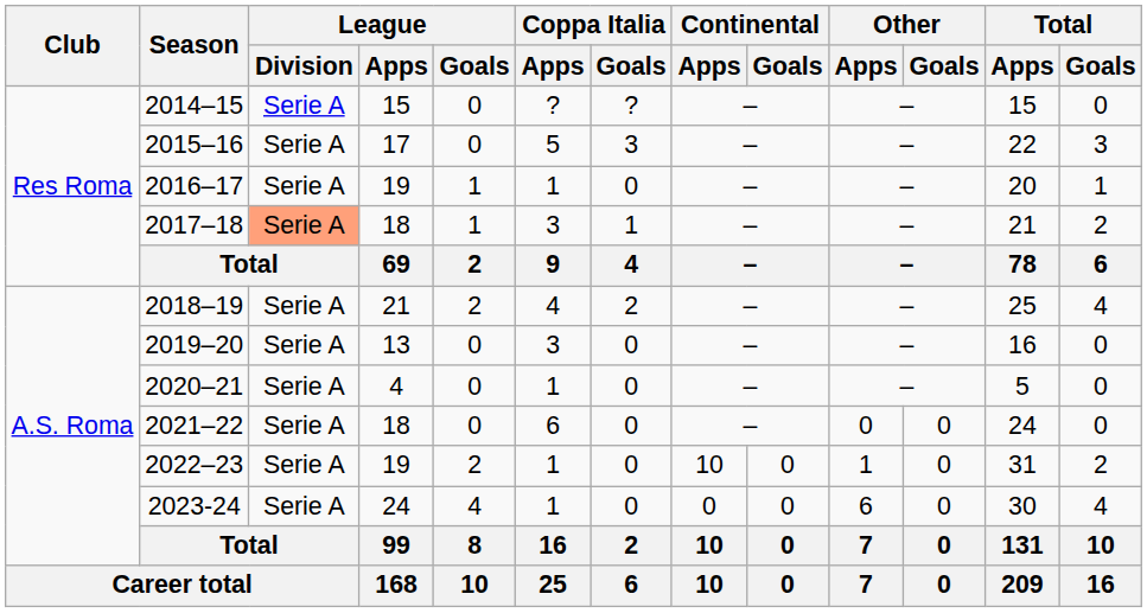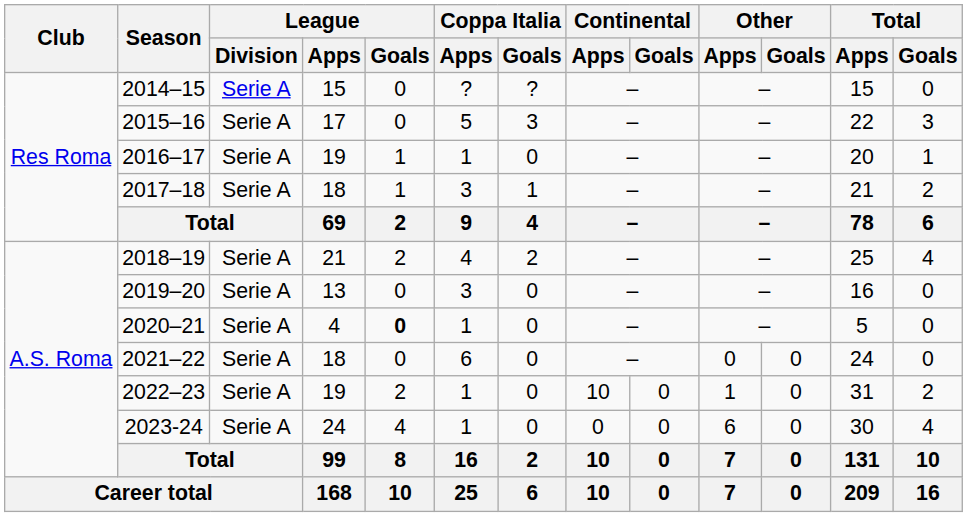 <table class="wikitable" style="text-align:center">
 <tr>
 <th rowspan="2">Club</th>
 <th rowspan="2">Season</th>
 <th colspan="3">League</th>
 <th colspan="2">Coppa Italia</th>
 <th colspan="2">Continental</th>
 <th colspan="2">Other</th>
 <th colspan="2">Total</th>
 </tr>
 <tr>
 <th>Division</th>
 <th>Apps</th>
 <th>Goals</th>
 <th>Apps</th>
 <th>Goals</th>
 <th>Apps</th>
 <th>Goals</th>
 <th>Apps</th>
 <th>Goals</th>
 <th>Apps</th>
 <th>Goals</th>
 </tr>
 <tr>
 <td rowspan="5"><a href='#'>Res Roma</a></td>
 <td>2014–15</td>
 <td><a href='#'>Serie A</a></td>
 <td>15</td>
 <td>0</td>
 <td>?</td>
 <td>?</td>
 <td colspan="2">–</td>
 <td colspan="2">–</td>
 <td>15</td>
 <td>0</td>
 </tr>
 <tr>
 <td>2015–16</td>
 <td>Serie A</td>
 <td>17</td>
 <td>0</td>
 <td>5</td>
 <td>3</td>
 <td colspan="2">–</td>
 <td colspan="2">–</td>
 <td>22</td>
 <td>3</td>
 </tr>
 <tr>
 <td>2016–17</td>
 <td>Serie A</td>
 <td>19</td>
 <td>1</td>
 <td>1</td>
 <td>0</td>
 <td colspan="2">–</td>
 <td colspan="2">–</td>
 <td>20</td>
 <td>1</td>
 </tr>
 <tr>
 <td>2017–18</td>
-<td style="background: lightsalmon;">Serie A</td>
+<td>Serie A</td>
 <td>18</td>
 <td>1</td>
 <td>3</td>
 <td>1</td>
 <td colspan="2">–</td>
 <td colspan="2">–</td>
 <td>21</td>
 <td>2</td>
 </tr>
 <tr>
 <th colspan="2">Total</th>
 <th>69</th>
 <th>2</th>
 <th>9</th>
 <th>4</th>
 <th colspan="2">–</th>
 <th colspan="2">–</th>
 <th>78</th>
 <th>6</th>
 </tr>
 <tr>
 <td rowspan="7"><a href='#'>A.S. Roma</a></td>
 <td>2018–19</td>
 <td>Serie A</td>
 <td>21</td>
 <td>2</td>
 <td>4</td>
 <td>2</td>
 <td colspan="2">–</td>
 <td colspan="2">–</td>
 <td>25</td>
 <td>4</td>
 </tr>
 <tr>
 <td>2019–20</td>
 <td>Serie A</td>
 <td>13</td>
 <td>0</td>
 <td>3</td>
 <td>0</td>
 <td colspan="2">–</td>
 <td colspan="2">–</td>
 <td>16</td>
 <td>0</td>
 </tr>
 <tr>
 <td>2020–21</td>
 <td>Serie A</td>
 <td>4</td>
-<td>0</td>
+<td><strong>0</strong></td>
 <td>1</td>
 <td>0</td>
 <td colspan="2">–</td>
 <td colspan="2">–</td>
 <td>5</td>
 <td>0</td>
 </tr>
 <tr>
 <td>2021–22</td>
 <td>Serie A</td>
 <td>18</td>
 <td>0</td>
 <td>6</td>
 <td>0</td>
 <td colspan="2">–</td>
 <td>0</td>
 <td>0</td>
 <td>24</td>
 <td>0</td>
 </tr>
 <tr>
 <td>2022–23</td>
 <td>Serie A</td>
 <td>19</td>
 <td>2</td>
 <td>1</td>
 <td>0</td>
 <td>10</td>
 <td>0</td>
 <td>1</td>
 <td>0</td>
 <td>31</td>
 <td>2</td>
 </tr>
 <tr>
 <td>2023-24</td>
 <td>Serie A</td>
 <td>24</td>
 <td>4</td>
 <td>1</td>
 <td>0</td>
 <td>0</td>
 <td>0</td>
 <td>6</td>
 <td>0</td>
 <td>30</td>
 <td>4</td>
 </tr>
 <tr>
 <th colspan="2">Total</th>
 <th>99</th>
 <th>8</th>
 <th>16</th>
 <th>2</th>
 <th>10</th>
 <th>0</th>
 <th>7</th>
 <th>0</th>
 <th>131</th>
 <th>10</th>
 </tr>
 <tr>
 <th colspan="3">Career total</th>
 <th>168</th>
 <th>10</th>
 <th>25</th>
 <th>6</th>
 <th>10</th>
 <th>0</th>
 <th>7</th>
 <th>0</th>
 <th>209</th>
 <th>16</th>
 </tr>
 </table>
